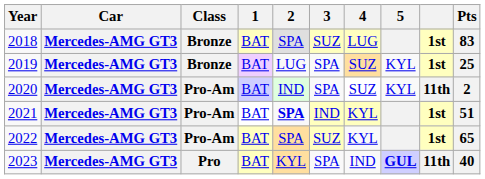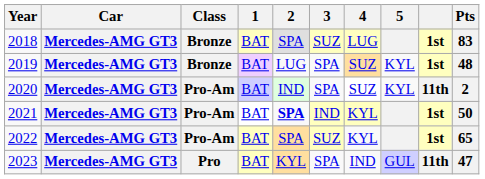 <table class="wikitable" border="1" style="text-align:center; font-size:90%;">
 <tr>
 <th>Year</th>
 <th>Car</th>
 <th>Class</th>
 <th>1</th>
 <th>2</th>
 <th>3</th>
 <th>4</th>
 <th>5</th>
 <th></th>
 <th>Pts</th>
 </tr>
 <tr>
 <td><a href='#'>2018</a></td>
 <th><a href='#'>Mercedes-AMG GT3</a></th>
 <th>Bronze</th>
 <td style="background:#FFFFBF"><a href='#'>BAT</a><br></td>
 <td style="background:#DFDFDF"><a href='#'>SPA</a><br></td>
 <td style="background:#FFFFBF"><a href='#'>SUZ</a><br></td>
 <td style="background:#FFFFBF"><a href='#'>LUG</a><br></td>
 <th></th>
 <th style="background:#FFFFBF"><strong>1st</strong></th>
 <th>83</th>
 </tr>
 <tr>
 <td><a href='#'>2019</a></td>
 <th><a href='#'>Mercedes-AMG GT3</a></th>
 <th>Bronze</th>
 <td style="background:#EFCFFF"><a href='#'>BAT</a><br></td>
 <td><a href='#'>LUG</a></td>
 <td><a href='#'>SPA</a></td>
 <td style="background:#FFDF9F"><a href='#'>SUZ</a><br></td>
 <td><a href='#'>KYL</a></td>
 <th style="background:#FFFFBF"><strong>1st</strong></th>
-<th>25</th>
+<th>48</th>
 </tr>
 <tr>
 <td><a href='#'>2020</a></td>
 <th><a href='#'>Mercedes-AMG GT3</a></th>
 <th>Pro-Am</th>
 <td style="background:#cfcfff"><a href='#'>BAT</a><br></td>
 <td style="background:#dfffdf"><a href='#'>IND</a><br></td>
 <td><a href='#'>SPA</a></td>
 <td style="background:#FFFFFF"><a href='#'>SUZ</a><br></td>
 <td><a href='#'>KYL</a></td>
 <th>11th</th>
 <th>2</th>
 </tr>
 <tr>
 <td><a href='#'>2021</a></td>
 <th><a href='#'>Mercedes-AMG GT3</a></th>
 <th>Pro-Am</th>
 <td style="background:#ffffff"><a href='#'>BAT</a><br></td>
 <td><strong><a href='#'>SPA</a></strong></td>
 <td style="background:#FFFFBF"><a href='#'>IND</a><br></td>
 <td style="background:#FFFFBF"><a href='#'>KYL</a><br></td>
 <th></th>
 <th style="background:#FFFFBF"><strong>1st</strong></th>
-<th>51</th>
+<th>50</th>
 </tr>
 <tr>
 <td><a href='#'>2022</a></td>
 <th><a href='#'>Mercedes-AMG GT3</a></th>
 <th>Pro-Am</th>
 <td style="background:#FFFFBF"><a href='#'>BAT</a><br></td>
 <td style="background:#FFDF9F"><a href='#'>SPA</a><br></td>
 <td style="background:#FFFFBF"><a href='#'>SUZ</a><br></td>
 <td><a href='#'>KYL</a><br></td>
 <th></th>
 <th style="background:#FFFFBF"><strong>1st</strong></th>
 <th>65</th>
 </tr>
 <tr>
 <td><a href='#'>2023</a></td>
 <th><a href='#'>Mercedes-AMG GT3</a></th>
 <th>Pro</th>
 <td style="background:#FFFFBF"><a href='#'>BAT</a><br></td>
 <td style="background:#FFDF9F"><a href='#'>KYL</a><br></td>
 <td><a href='#'>SPA</a><br></td>
 <td><a href='#'>IND</a><br></td>
-<td style="background:#CFCFFF"><strong><a href='#'>GUL</a><br></strong></td>
+<td style="background:#CFCFFF"><a href='#'>GUL</a><br></td>
 <th>11th</th>
-<th>40</th>
+<th>47</th>
 </tr>
 </table>
